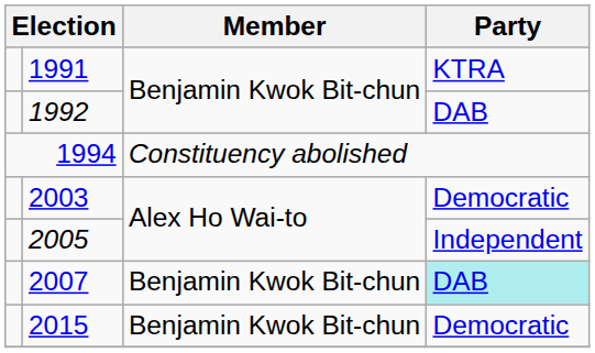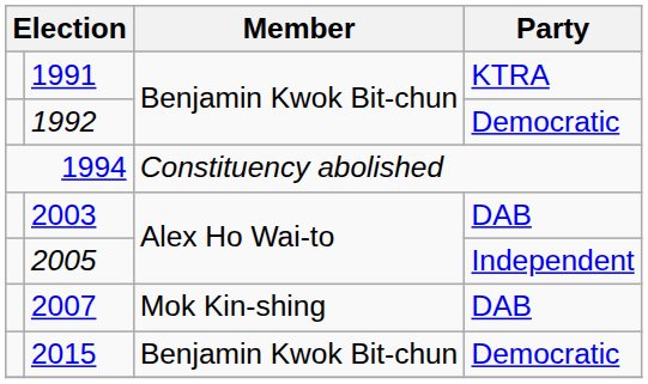 <table class="wikitable">
 <tr>
 <th colspan="2">Election</th>
 <th>Member</th>
 <th>Party</th>
 </tr>
 <tr>
 <td style="background-color:"></td>
 <td><a href='#'>1991</a></td>
 <td rowspan=2>Benjamin Kwok Bit-chun</td>
 <td><a href='#'>KTRA</a></td>
 </tr>
 <tr>
 <td style="background-color:"></td>
 <td><em>1992</em></td>
-<td><a href='#'>DAB</a></td>
+<td><a href='#'>Democratic</a></td>
 </tr>
 <tr>
 <td colspan=2 align=right><a href='#'>1994</a></td>
 <td colspan=2><em>Constituency abolished</em></td>
 </tr>
 <tr>
 <td style="background-color:"></td>
 <td><a href='#'>2003</a></td>
 <td rowspan=2>Alex Ho Wai-to</td>
-<td><a href='#'>Democratic</a></td>
+<td><a href='#'>DAB</a></td>
 </tr>
 <tr>
 <td style="background-color:"></td>
 <td><em>2005</em></td>
 <td><a href='#'>Independent</a></td>
 </tr>
 <tr>
 <td style="background-color:"></td>
 <td><a href='#'>2007</a></td>
-<td>Benjamin Kwok Bit-chun</td>
-<td style="background: paleturquoise;"><a href='#'>DAB</a></td>
+<td>Mok Kin-shing</td>
+<td><a href='#'>DAB</a></td>
 </tr>
 <tr>
 <td style="background-color:"></td>
 <td><a href='#'>2015</a></td>
 <td>Benjamin Kwok Bit-chun</td>
 <td><a href='#'>Democratic</a></td>
 </tr>
 <tr>
 </tr>
 </table>
